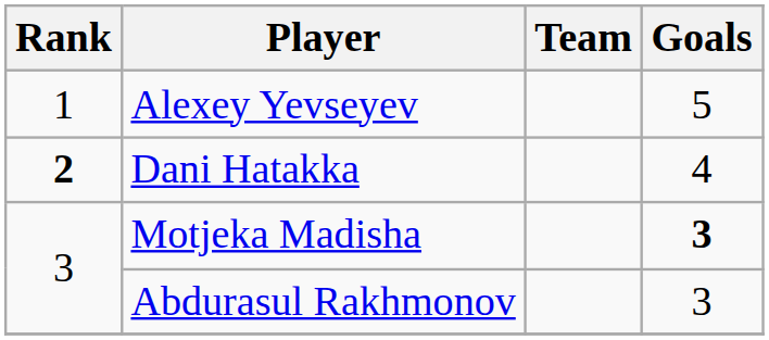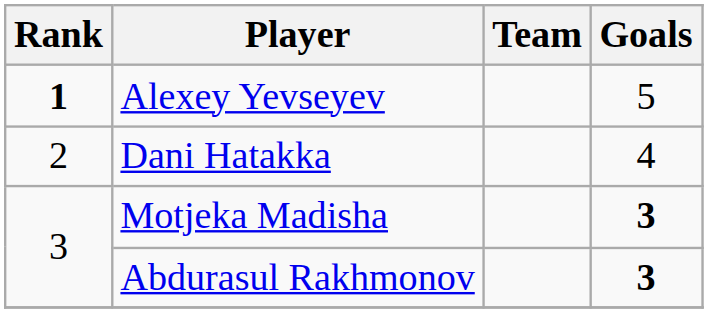 <table class="wikitable">
 <tr>
 <th>Rank</th>
 <th>Player</th>
 <th>Team</th>
 <th>Goals</th>
 </tr>
 <tr>
-<td align=center>1</td>
+<td align=center><strong>1</strong></td>
 <td> <a href='#'>Alexey Yevseyev</a></td>
 <td></td>
 <td align=center>5</td>
 </tr>
 <tr>
-<td align=center><strong>2</strong></td>
+<td align=center>2</td>
 <td> <a href='#'>Dani Hatakka</a></td>
 <td></td>
 <td align=center>4</td>
 </tr>
 <tr>
 <td align=center rowspan="2">3</td>
 <td> <a href='#'>Motjeka Madisha</a></td>
 <td></td>
 <td align=center><strong>3</strong></td>
 </tr>
 <tr>
 <td> <a href='#'>Abdurasul Rakhmonov</a></td>
 <td></td>
-<td align=center>3</td>
+<td align=center><strong>3</strong></td>
 </tr>
 <tr>
 </tr>
 </table>
